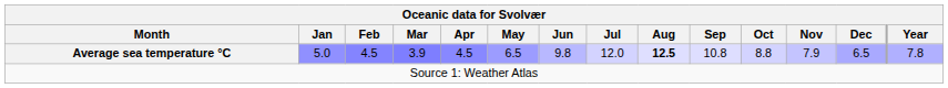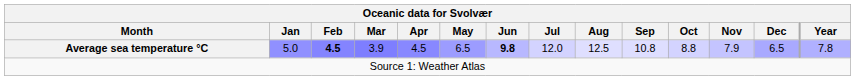 <table style="width:100%;text-align:center;line-height:1.2em;margin-left:auto;margin-right:auto" class="wikitable mw-collapsible">
 <tr>
 <th Colspan=14>Oceanic data for Svolvær</th>
 </tr>
 <tr>
 <th>Month</th>
 <th>Jan</th>
 <th>Feb</th>
 <th>Mar</th>
 <th>Apr</th>
 <th>May</th>
 <th>Jun</th>
 <th>Jul</th>
 <th>Aug</th>
 <th>Sep</th>
 <th>Oct</th>
 <th>Nov</th>
 <th>Dec</th>
 <th style="border-left-width:medium">Year</th>
 </tr>
 <tr>
 <th>Average sea temperature °C</th>
 <td style="background:#9090FF;color:#000000;">5.0<br></td>
-<td style="background:#8484FF;color:#000000;">4.5<br></td>
+<td style="background:#8484FF;color:#000000;"><strong>4.5<br></strong></td>
 <td style="background:#7E7EFF;color:#000000;">3.9<br></td>
 <td style="background:#8888FF;color:#000000;">4.5<br></td>
 <td style="background:#9C9CFF;color:#000000;">6.5<br></td>
-<td style="background:#B8B8FF;color:#000000;">9.8<br></td>
+<td style="background:#B8B8FF;color:#000000;"><strong>9.8<br></strong></td>
 <td style="background:#D3D3FF;color:#000000;">12.0<br></td>
-<td style="background:#DFDFFF;color:#000000;"><strong>12.5<br></strong></td>
+<td style="background:#DFDFFF;color:#000000;">12.5<br></td>
 <td style="background:#DEDEFF;color:#000000;">10.8<br></td>
 <td style="background:#D3D3FF;color:#000000;">8.8<br></td>
 <td style="background:#C4C4FF;color:#000000;">7.9<br></td>
 <td style="background:#A9A9FF;color:#000000;">6.5<br></td>
 <td style="background:#B0B0FF;color:#000000;border-left-width:medium">7.8<br></td>
 </tr>
 <tr>
 <td colspan="14">Source 1: Weather Atlas</td>
 </tr>
 </table>
